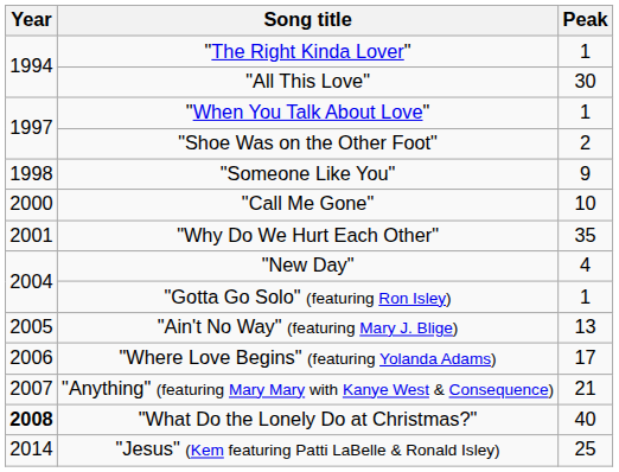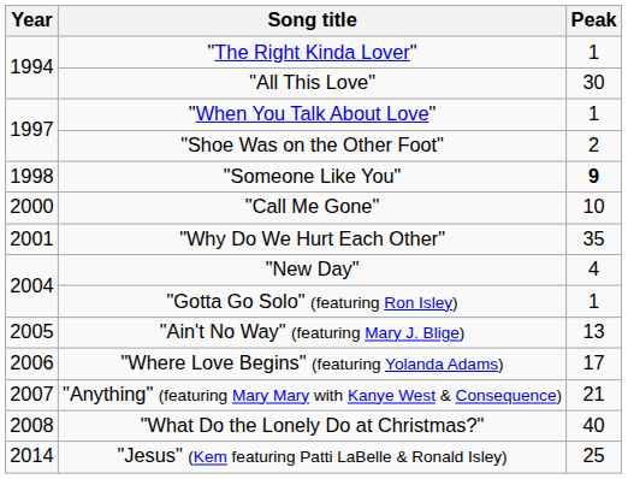 <table class="wikitable" style="text-align:center;">
 <tr>
 <th>Year</th>
 <th>Song title</th>
 <th>Peak</th>
 </tr>
 <tr>
 <td rowspan="2">1994</td>
 <td>"<a href='#'>The Right Kinda Lover</a>"</td>
 <td>1</td>
 </tr>
 <tr>
 <td>"All This Love"</td>
 <td>30</td>
 </tr>
 <tr>
 <td rowspan="2">1997</td>
 <td>"<a href='#'>When You Talk About Love</a>"</td>
 <td>1</td>
 </tr>
 <tr>
 <td>"Shoe Was on the Other Foot"</td>
 <td>2</td>
 </tr>
 <tr>
 <td>1998</td>
 <td>"Someone Like You"</td>
-<td>9</td>
+<td><strong>9</strong></td>
 </tr>
 <tr>
 <td>2000</td>
 <td>"Call Me Gone"</td>
 <td>10</td>
 </tr>
 <tr>
 <td>2001</td>
 <td>"Why Do We Hurt Each Other"</td>
 <td>35</td>
 </tr>
 <tr>
 <td rowspan="2">2004</td>
 <td>"New Day"</td>
 <td>4</td>
 </tr>
 <tr>
 <td>"Gotta Go Solo" <small>(featuring <a href='#'>Ron Isley</a>)</small></td>
 <td>1</td>
 </tr>
 <tr>
 <td>2005</td>
 <td>"Ain't No Way" <small>(featuring <a href='#'>Mary J. Blige</a>)</small></td>
 <td>13</td>
 </tr>
 <tr>
 <td>2006</td>
 <td>"Where Love Begins" <small>(featuring <a href='#'>Yolanda Adams</a>)</small></td>
 <td>17</td>
 </tr>
 <tr>
 <td>2007</td>
 <td>"Anything" <small>(featuring <a href='#'>Mary Mary</a> with <a href='#'>Kanye West</a> & <a href='#'>Consequence</a>)</small></td>
 <td>21</td>
 </tr>
 <tr>
-<td><strong>2008</strong></td>
+<td>2008</td>
 <td>"What Do the Lonely Do at Christmas?"</td>
 <td>40</td>
 </tr>
 <tr>
 <td>2014</td>
 <td>"Jesus" <small>(<a href='#'>Kem</a> featuring Patti LaBelle & Ronald Isley)</small></td>
 <td>25</td>
 </tr>
 </table>
